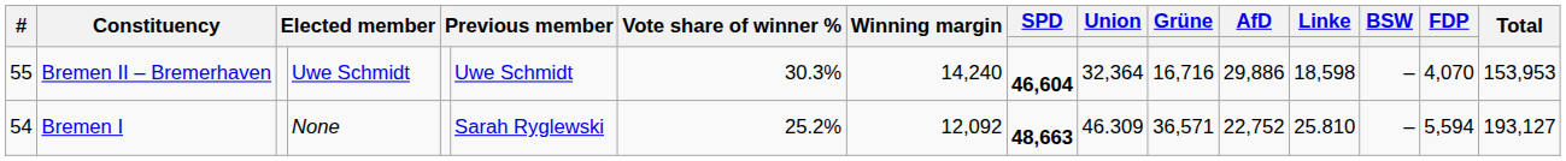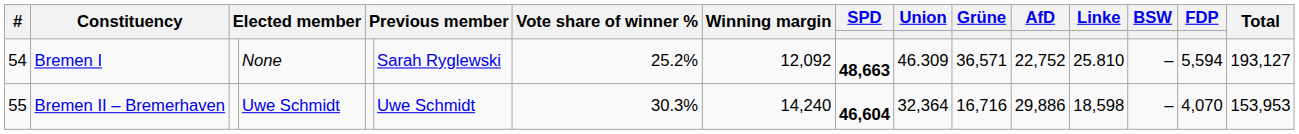 <table class="wikitable sortable" style="text-align:right">
 <tr>
 <th rowspan="2">#</th>
 <th rowspan="2">Constituency</th>
 <th rowspan="2" colspan="2">Elected member</th>
 <th rowspan="2" colspan="2">Previous member</th>
 <th rowspan="2">Vote share of winner %</th>
 <th rowspan="2">Winning margin</th>
 <th class="wikitable sortable" style="width:40px;"><a href='#'>SPD</a></th>
 <th class="wikitable sortable" style="width:40px;"><a href='#'>Union</a></th>
 <th class="wikitable sortable" style="width:40px;"><a href='#'>Grüne</a></th>
 <th class="wikitable sortable" style="width:40px;"><a href='#'>AfD</a></th>
 <th class="wikitable sortable" style="width:40px;"><a href='#'>Linke</a></th>
 <th class="wikitable sortable" style="width:40px;"><a href='#'>BSW</a></th>
 <th class="wikitable sortable" style="width:40px;"><a href='#'>FDP</a></th>
 <th class="wikitable sortable" style="width:40px;" rowspan="2">Total</th>
 </tr>
 <tr>
 <th class="wikitable sortable" style="background:"></th>
 <th class="wikitable sortable" style="background:"></th>
 <th class="wikitable sortable" style="background:"></th>
 <th class="wikitable sortable" style="background:"></th>
 <th class="wikitable sortable" style="background:"></th>
 <th class="wikitable sortable" style="background:"></th>
 <th class="wikitable sortable" style="background:"></th>
 </tr>
 <tr>
+<td>54</td>
+<td align=left><a href='#'>Bremen I</a></td>
+<td bgcolor=></td>
+<td align=left><em>None</em></td>
+<td bgcolor=></td>
+<td align=left><a href='#'>Sarah Ryglewski</a></td>
+<td>25.2%</td>
+<td>12,092</td>
+<td><br><strong>48,663</strong></td>
+<td>46.309</td>
+<td>36,571</td>
+<td>22,752</td>
+<td>25.810</td>
+<td>–</td>
+<td>5,594</td>
+<td>193,127</td>
+</tr>
+<tr>
 <td>55</td>
 <td align=left><a href='#'>Bremen II – Bremerhaven</a></td>
 <td bgcolor=></td>
 <td align=left><a href='#'>Uwe Schmidt</a></td>
 <td bgcolor=></td>
 <td align=left><a href='#'>Uwe Schmidt</a></td>
 <td>30.3%</td>
 <td>14,240</td>
 <td><br><strong>46,604</strong></td>
 <td>32,364</td>
 <td>16,716</td>
 <td>29,886</td>
 <td>18,598</td>
 <td>–</td>
 <td>4,070</td>
 <td>153,953</td>
 </tr>
-<tr>
-<td>54</td>
-<td align=left><a href='#'>Bremen I</a></td>
-<td bgcolor=></td>
-<td align=left><em>None</em></td>
-<td bgcolor=></td>
-<td align=left><a href='#'>Sarah Ryglewski</a></td>
-<td>25.2%</td>
-<td>12,092</td>
-<td><br><strong>48,663</strong></td>
-<td>46.309</td>
-<td>36,571</td>
-<td>22,752</td>
-<td>25.810</td>
-<td>–</td>
-<td>5,594</td>
-<td>193,127</td>
-</tr>
 </table>
